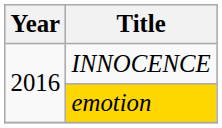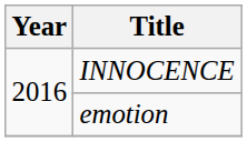 <table class="wikitable">
 <tr>
 <th>Year</th>
 <th>Title</th>
 </tr>
 <tr>
 <td rowspan="2">2016</td>
 <td><em>INNOCENCE</em></td>
 </tr>
 <tr>
-<td style="background: gold;"><em>emotion</em></td>
+<td><em>emotion</em></td>
 </tr>
 <tr>
 </tr>
 </table>
